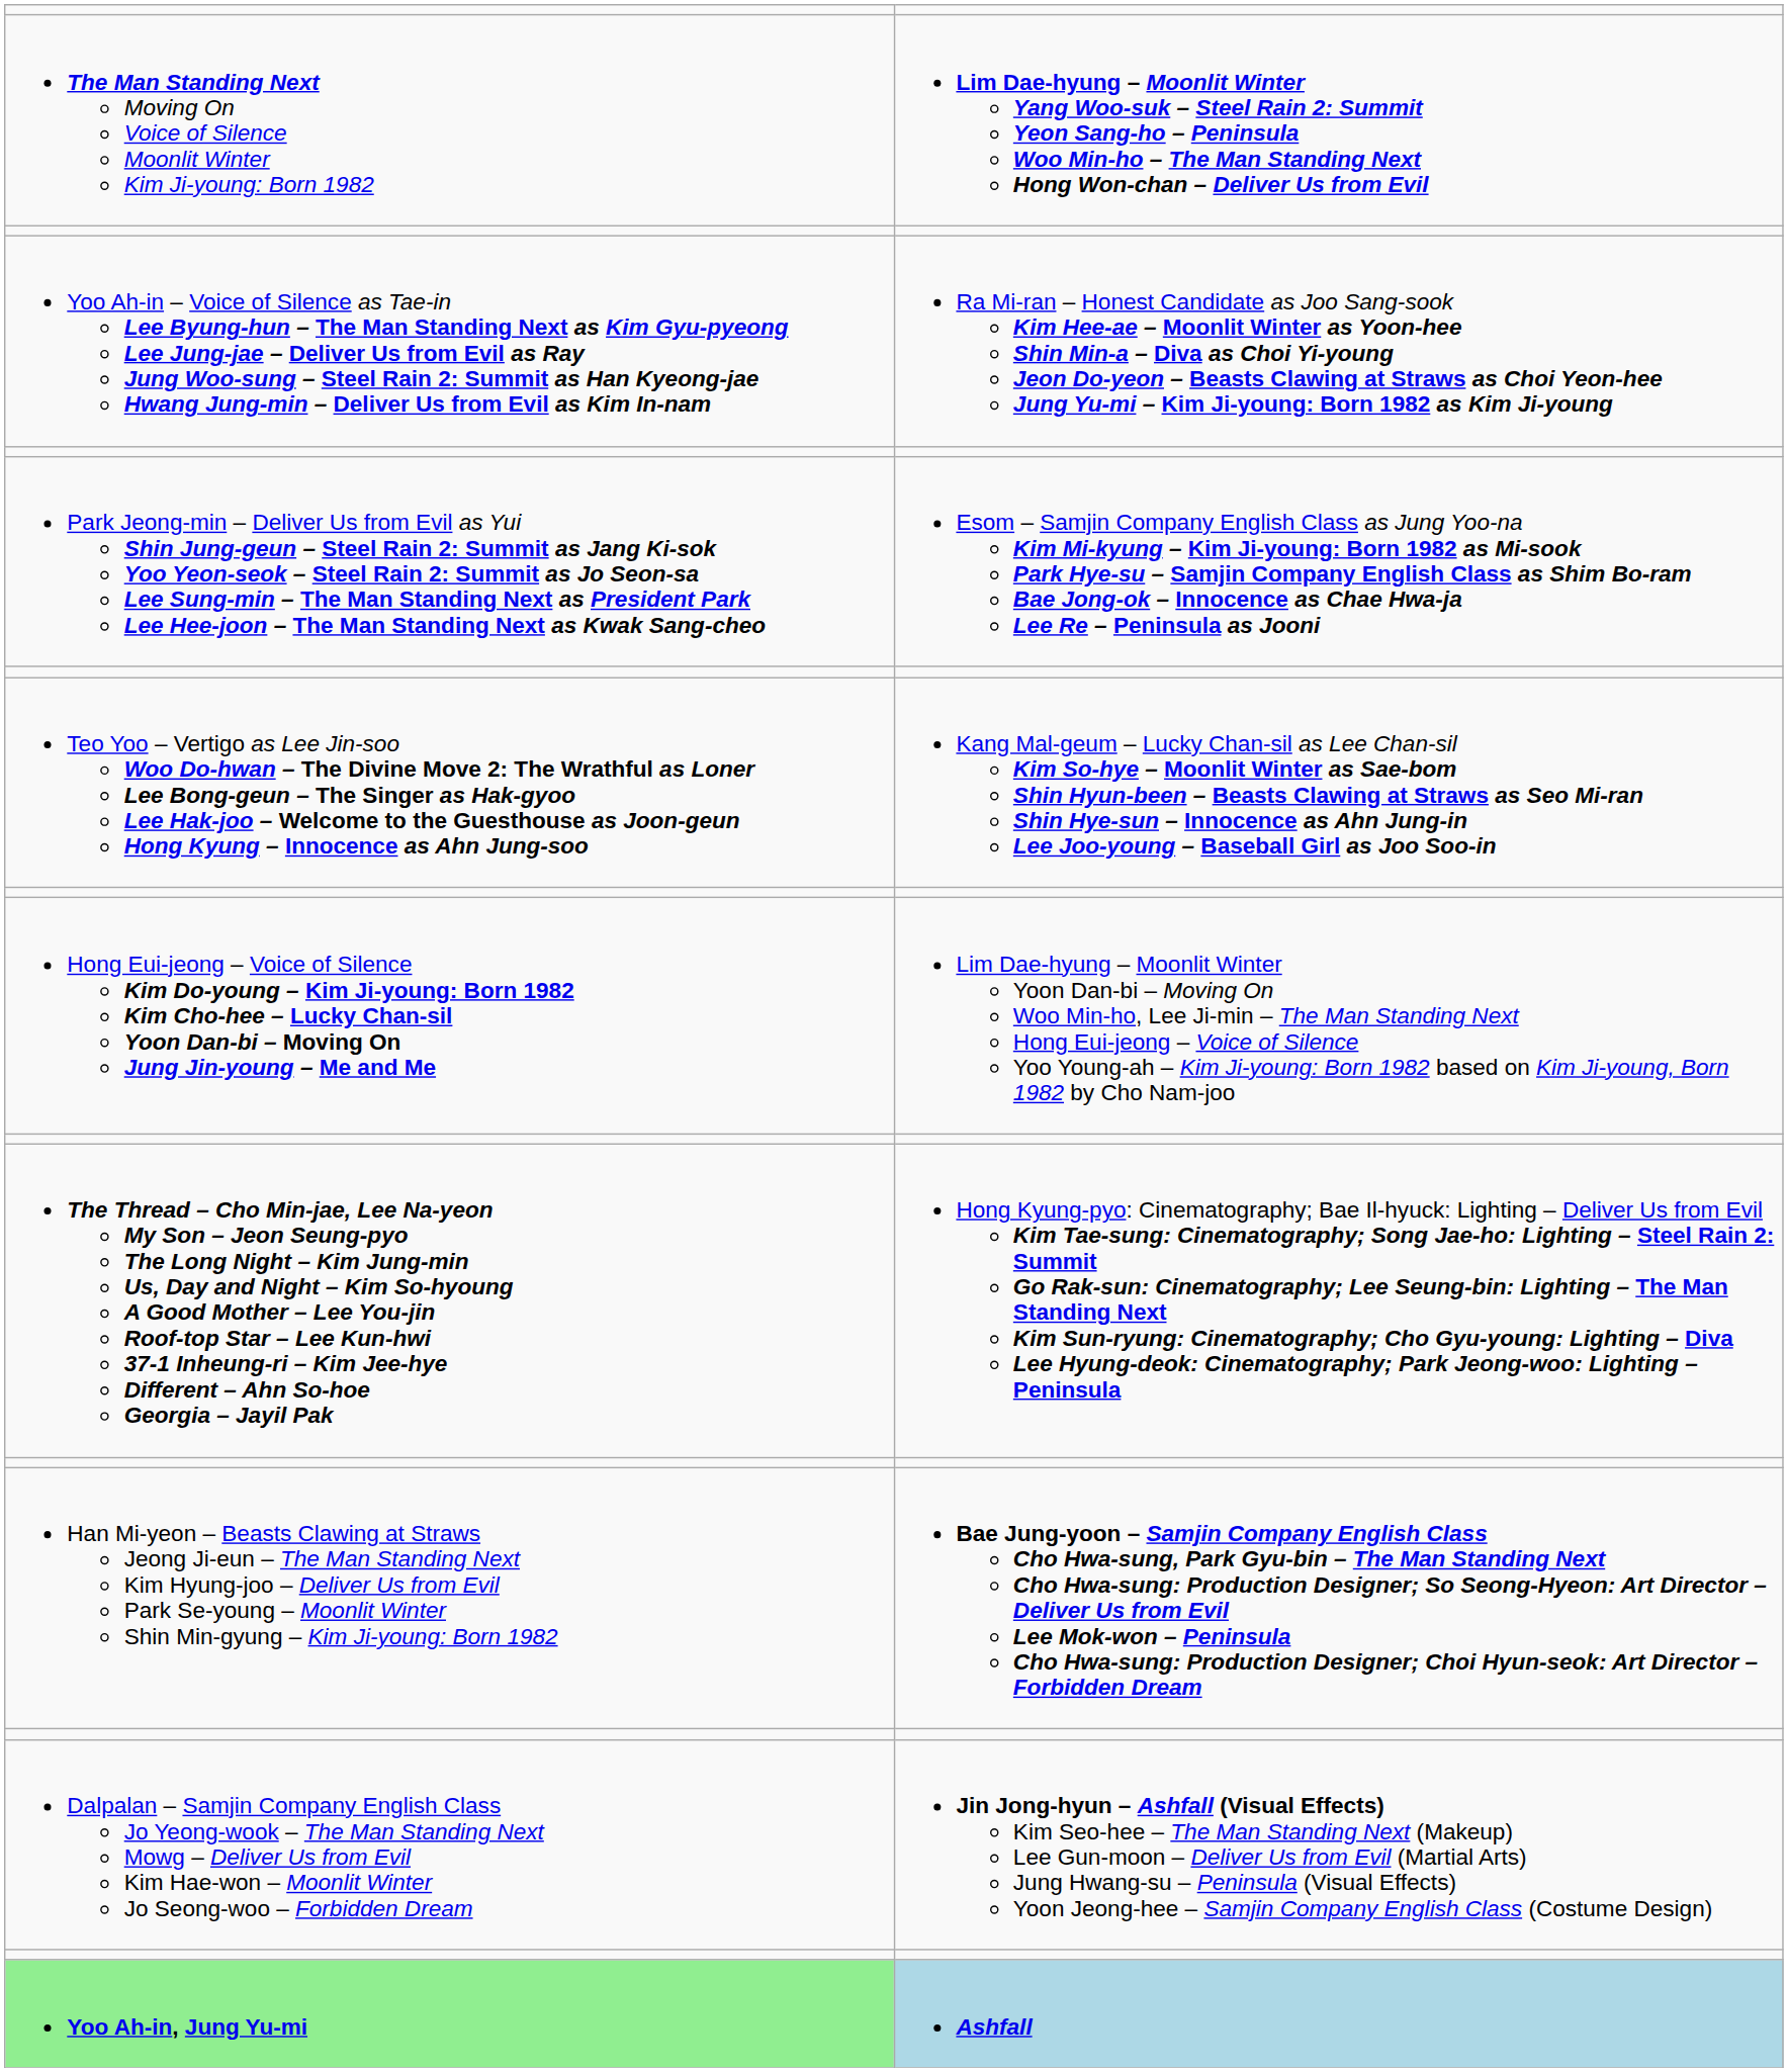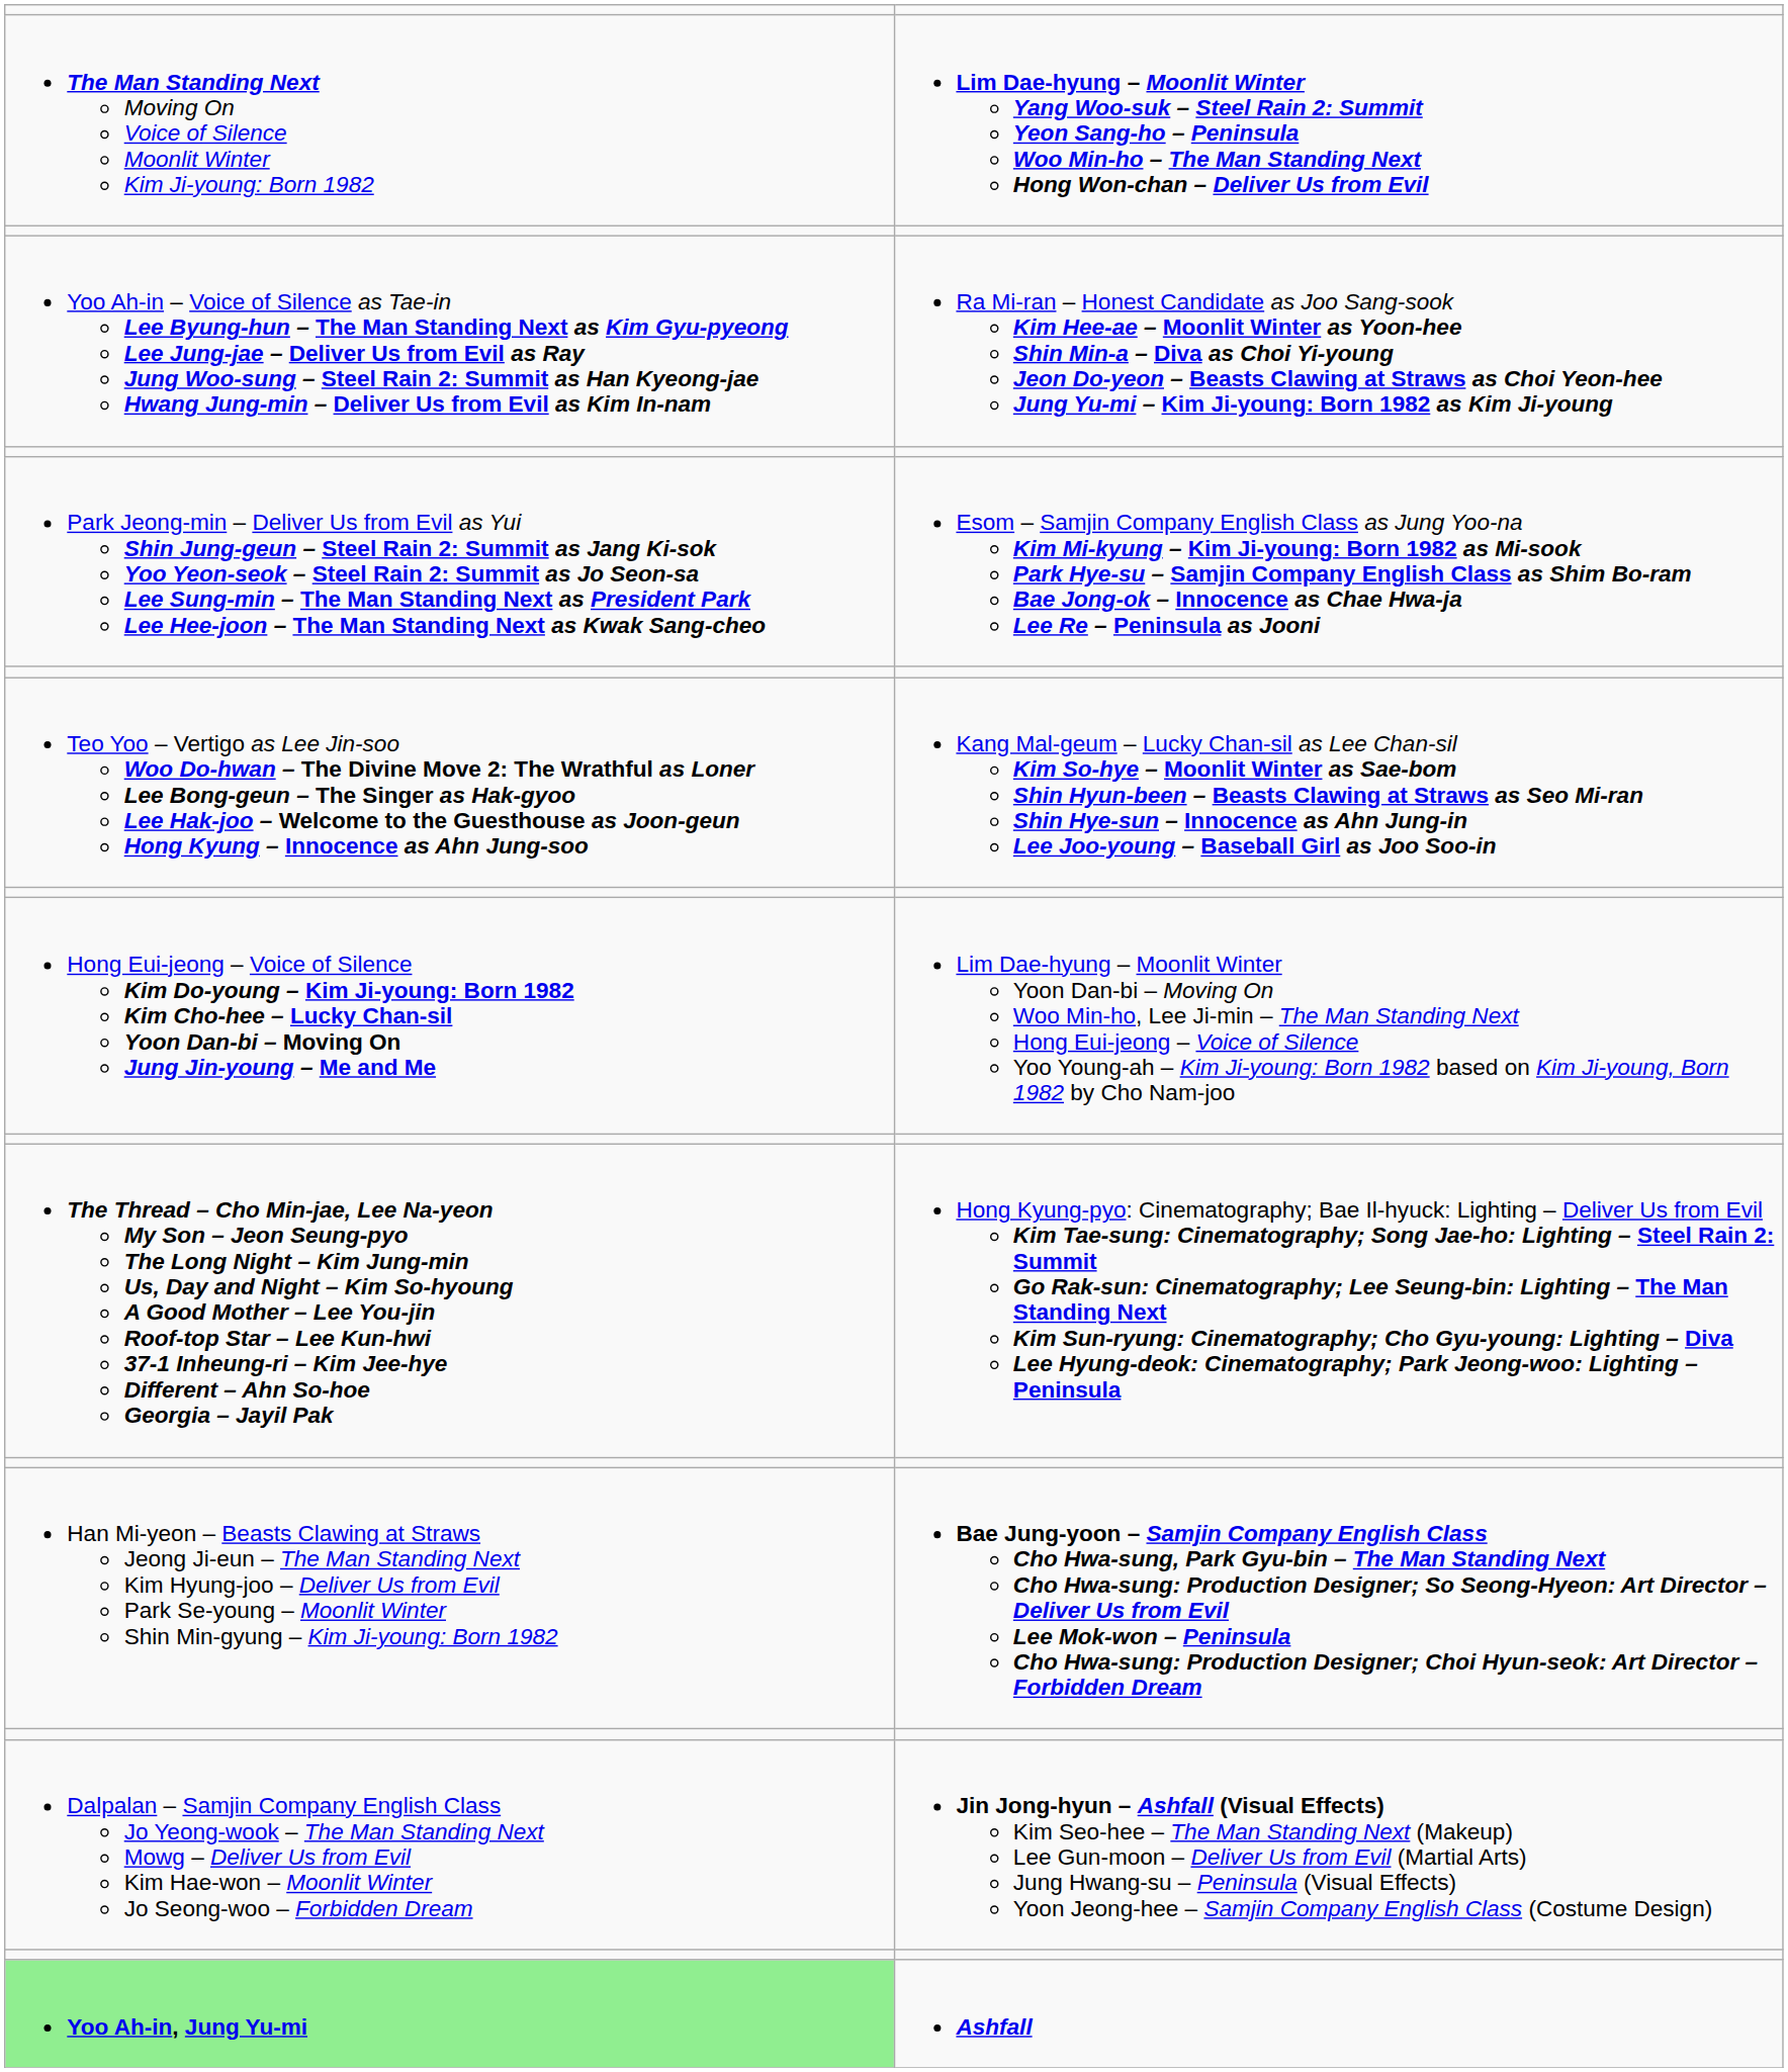 <table class="wikitable ">
 <tr>
 <td style="vertical-align:top; width:50%;"></td>
 <td style="vertical-align:top; width:50%;"></td>
 </tr>
 <tr>
 <td valign="top"><br><ul><li><strong><em><a href='#'>The Man Standing Next</a></em></strong> <ul><li><em>Moving On</em></li><li><a href='#'><em>Voice of Silence</em></a></li><li><em><a href='#'>Moonlit Winter</a></em></li><li><em><a href='#'>Kim Ji-young: Born 1982</a></em></li></ul></li></ul></td>
 <td valign="top"><br><ul><li><strong><a href='#'>Lim Dae-hyung</a> – <em><a href='#'>Moonlit Winter</a> <strong><em><ul><li><a href='#'>Yang Woo-suk</a> – </em><a href='#'>Steel Rain 2: Summit</a><em></li><li><a href='#'>Yeon Sang-ho</a> – <a href='#'></em>Peninsula<em></a></li><li><a href='#'>Woo Min-ho</a> – </em><a href='#'>The Man Standing Next</a><em></li><li>Hong Won-chan – <a href='#'></em>Deliver Us from Evil<em></a></li></ul></li></ul></td>
 </tr>
 <tr>
 <td style="vertical-align:top; width:50%;"></td>
 <td style="vertical-align:top; width:50%;"></td>
 </tr>
 <tr>
 <td valign="top"><br><ul><li></strong><a href='#'>Yoo Ah-in</a> – <a href='#'></em>Voice of Silence<em></a> as Tae-in <strong><ul><li><a href='#'>Lee Byung-hun</a> – </em><a href='#'>The Man Standing Next</a><em> as <a href='#'>Kim Gyu-pyeong</a></li><li><a href='#'>Lee Jung-jae</a> – <a href='#'></em>Deliver Us from Evil<em></a> as Ray</li><li><a href='#'>Jung Woo-sung</a> – </em><a href='#'>Steel Rain 2: Summit</a><em> as Han Kyeong-jae</li><li><a href='#'>Hwang Jung-min</a> – <a href='#'></em>Deliver Us from Evil<em></a> as Kim In-nam</li></ul></li></ul></td>
 <td valign="top"><br><ul><li></strong><a href='#'>Ra Mi-ran</a> – </em><a href='#'>Honest Candidate</a><em> as Joo Sang-sook <strong><ul><li><a href='#'>Kim Hee-ae</a> – </em><a href='#'>Moonlit Winter</a><em> as Yoon-hee</li><li><a href='#'>Shin Min-a</a> – </em><a href='#'>Diva</a><em> as Choi Yi-young</li><li><a href='#'>Jeon Do-yeon</a> – </em><a href='#'>Beasts Clawing at Straws</a><em> as Choi Yeon-hee</li><li><a href='#'>Jung Yu-mi</a> – </em><a href='#'>Kim Ji-young: Born 1982</a><em> as Kim Ji-young</li></ul></li></ul></td>
 </tr>
 <tr>
 <td style="vertical-align:top; width:50%;"></td>
 <td style="vertical-align:top; width:50%;"></td>
 </tr>
 <tr>
 <td valign="top"><br><ul><li></strong><a href='#'>Park Jeong-min</a> – <a href='#'></em>Deliver Us from Evil<em></a> as Yui <strong><ul><li><a href='#'>Shin Jung-geun</a> – </em><a href='#'>Steel Rain 2: Summit</a><em> as Jang Ki-sok</li><li><a href='#'>Yoo Yeon-seok</a> – </em><a href='#'>Steel Rain 2: Summit</a><em> as Jo Seon-sa</li><li><a href='#'>Lee Sung-min</a> – </em><a href='#'>The Man Standing Next</a><em> as <a href='#'>President Park</a></li><li><a href='#'>Lee Hee-joon</a> – </em><a href='#'>The Man Standing Next</a><em> as Kwak Sang-cheo</li></ul></li></ul></td>
 <td valign="top"><br><ul><li></strong><a href='#'>Esom</a> – </em><a href='#'>Samjin Company English Class</a><em> as Jung Yoo-na <strong><ul><li><a href='#'>Kim Mi-kyung</a> – </em><a href='#'>Kim Ji-young: Born 1982</a><em> as Mi-sook</li><li><a href='#'>Park Hye-su</a> – </em><a href='#'>Samjin Company English Class</a><em> as Shim Bo-ram</li><li><a href='#'>Bae Jong-ok</a> – </em><a href='#'>Innocence</a><em> as Chae Hwa-ja</li><li><a href='#'>Lee Re</a> – <a href='#'></em>Peninsula<em></a> as Jooni</li></ul></li></ul></td>
 </tr>
 <tr>
 <td style="vertical-align:top; width:50%;"></td>
 <td style="vertical-align:top; width:50%;"></td>
 </tr>
 <tr>
 <td valign="top"><br><ul><li></strong><a href='#'>Teo Yoo</a> – </em>Vertigo<em> as Lee Jin-soo <strong><ul><li><a href='#'>Woo Do-hwan</a> – </em>The Divine Move 2: The Wrathful<em> as Loner</li><li>Lee Bong-geun – </em>The Singer<em> as Hak-gyoo</li><li><a href='#'>Lee Hak-joo</a> – </em>Welcome to the Guesthouse<em> as Joon-geun</li><li><a href='#'>Hong Kyung</a> – <a href='#'></em>Innocence<em></a> as Ahn Jung-soo</li></ul></li></ul></td>
 <td valign="top"><br><ul><li></strong><a href='#'>Kang Mal-geum</a> – </em><a href='#'>Lucky Chan-sil</a><em> as Lee Chan-sil <strong><ul><li><a href='#'>Kim So-hye</a> – </em><a href='#'>Moonlit Winter</a><em> as Sae-bom</li><li><a href='#'>Shin Hyun-been</a> – </em><a href='#'>Beasts Clawing at Straws</a><em> as Seo Mi-ran</li><li><a href='#'>Shin Hye-sun</a> – <a href='#'></em>Innocence<em></a> as Ahn Jung-in</li><li><a href='#'>Lee Joo-young</a> – </em><a href='#'>Baseball Girl</a><em> as Joo Soo-in</li></ul></li></ul></td>
 </tr>
 <tr>
 <td style="vertical-align:top; width:50%;"></td>
 <td style="vertical-align:top; width:50%;"></td>
 </tr>
 <tr>
 <td valign="top"><br><ul><li></strong><a href='#'>Hong Eui-jeong</a> – <a href='#'></em>Voice of Silence<em></a> <strong><ul><li>Kim Do-young – </em><a href='#'>Kim Ji-young: Born 1982</a><em></li><li>Kim Cho-hee – </em><a href='#'>Lucky Chan-sil</a><em></li><li>Yoon Dan-bi – </em>Moving On<em></li><li><a href='#'>Jung Jin-young</a> – </em><a href='#'>Me and Me</a><em></li></ul></li></ul></td>
 <td valign="top"><br><ul><li></strong><a href='#'>Lim Dae-hyung</a> – </em><a href='#'>Moonlit Winter</a> </em></strong><ul><li>Yoon Dan-bi – <em>Moving On</em></li><li><a href='#'>Woo Min-ho</a>, Lee Ji-min – <em><a href='#'>The Man Standing Next</a></em></li><li><a href='#'>Hong Eui-jeong</a> – <a href='#'><em>Voice of Silence</em></a></li><li>Yoo Young-ah – <em><a href='#'>Kim Ji-young: Born 1982</a></em> based on <em><a href='#'>Kim Ji-young, Born 1982</a></em> by Cho Nam-joo</li></ul></li></ul></td>
 </tr>
 <tr>
 <td style="vertical-align:top; width:50%;"></td>
 <td style="vertical-align:top; width:50%;"></td>
 </tr>
 <tr>
 <td valign="top"><br><ul><li><strong><em>The Thread<em> – Cho Min-jae, Lee Na-yeon <strong><ul><li></em>My Son<em> – Jeon Seung-pyo</li><li></em>The Long Night<em> – Kim Jung-min</li><li></em>Us, Day and Night<em> – Kim So-hyoung</li><li></em>A Good Mother<em> – Lee You-jin</li><li></em>Roof-top Star<em> – Lee Kun-hwi</li><li></em>37-1 Inheung-ri<em> – Kim Jee-hye</li><li></em>Different<em> – Ahn So-hoe</li><li></em>Georgia<em> – Jayil Pak</li></ul></li></ul></td>
 <td valign="top"><br><ul><li></strong><a href='#'>Hong Kyung-pyo</a>: Cinematography; Bae Il-hyuck: Lighting – <a href='#'></em>Deliver Us from Evil<em></a> <strong><ul><li>Kim Tae-sung: Cinematography; Song Jae-ho: Lighting – </em><a href='#'>Steel Rain 2: Summit</a><em></li><li>Go Rak-sun: Cinematography; Lee Seung-bin: Lighting – </em><a href='#'>The Man Standing Next</a><em></li><li>Kim Sun-ryung: Cinematography; Cho Gyu-young: Lighting – </em><a href='#'>Diva</a><em></li><li>Lee Hyung-deok: Cinematography; Park Jeong-woo: Lighting – <a href='#'></em>Peninsula<em></a></li></ul></li></ul></td>
 </tr>
 <tr>
 <td style="vertical-align:top; width:50%;"></td>
 <td style="vertical-align:top; width:50%;"></td>
 </tr>
 <tr>
 <td valign="top"><br><ul><li></strong>Han Mi-yeon – </em><a href='#'>Beasts Clawing at Straws</a> </em></strong><ul><li>Jeong Ji-eun – <em><a href='#'>The Man Standing Next</a></em></li><li>Kim Hyung-joo – <a href='#'><em>Deliver Us from Evil</em></a></li><li>Park Se-young – <em><a href='#'>Moonlit Winter</a></em></li><li>Shin Min-gyung – <em><a href='#'>Kim Ji-young: Born 1982</a></em></li></ul></li></ul></td>
 <td valign="top"><br><ul><li><strong>Bae Jung-yoon – <em><a href='#'>Samjin Company English Class</a> <strong><em><ul><li>Cho Hwa-sung, Park Gyu-bin – </em><a href='#'>The Man Standing Next</a><em></li><li>Cho Hwa-sung: Production Designer; So Seong-Hyeon: Art Director – <a href='#'></em>Deliver Us from Evil<em></a></li><li>Lee Mok-won – <a href='#'></em>Peninsula<em></a></li><li>Cho Hwa-sung: Production Designer; Choi Hyun-seok: Art Director – </em><a href='#'>Forbidden Dream</a><em></li></ul></li></ul></td>
 </tr>
 <tr>
 <td style="vertical-align:top; width:50%;"></td>
 <td style="vertical-align:top; width:50%;"></td>
 </tr>
 <tr>
 <td valign="top"><br><ul><li></strong><a href='#'>Dalpalan</a> – </em><a href='#'>Samjin Company English Class</a> </em></strong><ul><li><a href='#'>Jo Yeong-wook</a> – <em><a href='#'>The Man Standing Next</a></em></li><li><a href='#'>Mowg</a> – <a href='#'><em>Deliver Us from Evil</em></a></li><li>Kim Hae-won – <em><a href='#'>Moonlit Winter</a></em></li><li>Jo Seong-woo – <em><a href='#'>Forbidden Dream</a></em></li></ul></li></ul></td>
 <td valign="top"><br><ul><li><strong>Jin Jong-hyun – <em><a href='#'>Ashfall</a></em> (Visual Effects) </strong><ul><li>Kim Seo-hee – <em><a href='#'>The Man Standing Next</a></em> (Makeup)</li><li>Lee Gun-moon – <a href='#'><em>Deliver Us from Evil</em></a> (Martial Arts)</li><li>Jung Hwang-su – <a href='#'><em>Peninsula</em></a> (Visual Effects)</li><li>Yoon Jeong-hee – <em><a href='#'>Samjin Company English Class</a></em> (Costume Design)</li></ul></li></ul></td>
 </tr>
 <tr>
 <td style="vertical-align:top; width:50%;"></td>
 <td style="vertical-align:top; width:50%;"></td>
 </tr>
 <tr>
 <td valign="top" style="background: lightgreen;"><br><ul><li><strong><a href='#'>Yoo Ah-in</a>, <a href='#'>Jung Yu-mi</a> </strong></li></ul></td>
-<td valign="top" style="background: lightblue;"><br><ul><li><strong><em><a href='#'>Ashfall</a></em></strong></li></ul></td>
+<td valign="top"><br><ul><li><strong><em><a href='#'>Ashfall</a></em></strong></li></ul></td>
 </tr>
 </table>
